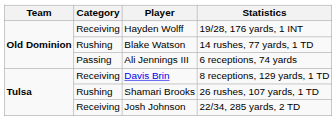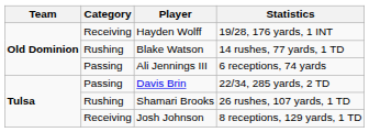 <table class="wikitable" style="float: left;">
 <tr>
 <th>Team</th>
 <th>Category</th>
 <th>Player</th>
 <th>Statistics</th>
 </tr>
 <tr>
 <td rowspan=3><strong>Old Dominion</strong></td>
 <td>Receiving</td>
 <td>Hayden Wolff</td>
 <td>19/28, 176 yards, 1 INT</td>
 </tr>
 <tr>
 <td>Rushing</td>
 <td>Blake Watson</td>
 <td>14 rushes, 77 yards, 1 TD</td>
 </tr>
 <tr>
 <td>Passing</td>
 <td>Ali Jennings III</td>
 <td>6 receptions, 74 yards</td>
 </tr>
 <tr>
 <td rowspan=3><strong>Tulsa</strong></td>
-<td>Receiving</td>
+<td>Passing</td>
 <td><a href='#'>Davis Brin</a></td>
-<td>8 receptions, 129 yards, 1 TD</td>
+<td>22/34, 285 yards, 2 TD</td>
 </tr>
 <tr>
 <td>Rushing</td>
 <td>Shamari Brooks</td>
 <td>26 rushes, 107 yards, 1 TD</td>
 </tr>
 <tr>
 <td>Receiving</td>
 <td>Josh Johnson</td>
-<td>22/34, 285 yards, 2 TD</td>
+<td>8 receptions, 129 yards, 1 TD</td>
 </tr>
 </table>
